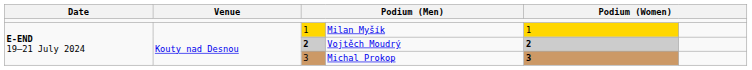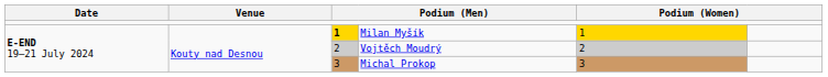 <table class="wikitable" width=70%>
 <tr>
 <th>Date</th>
 <th width=20%>Venue</th>
 <th colspan=2 width=30%>Podium (Men)</th>
 <th colspan=2 width=30%>Podium (Women)</th>
 </tr>
 <tr>
 <td colspan=6></td>
 </tr>
 <tr>
 <td rowspan=3><strong>E-END</strong> <br> 19–21 July 2024</td>
 <td rowspan=3><br><a href='#'>Kouty nad Desnou</a></td>
-<td bgcolor=FFD700>1</td>
+<td bgcolor=FFD700><strong>1</strong></td>
 <td><a href='#'>Milan Myšík</a></td>
 <td bgcolor=FFD700>1</td>
 <td></td>
 </tr>
 <tr>
-<td bgcolor=CCCCCC><strong>2</strong></td>
+<td bgcolor=CCCCCC>2</td>
 <td><a href='#'>Vojtěch Moudrý</a></td>
-<td bgcolor=CCCCCC><strong>2</strong></td>
+<td bgcolor=CCCCCC>2</td>
 <td></td>
 </tr>
 <tr>
 <td bgcolor=CC9966>3</td>
 <td><a href='#'>Michal Prokop</a></td>
-<td bgcolor=CC9966><strong>3</strong></td>
+<td bgcolor=CC9966>3</td>
 <td></td>
 </tr>
 </table>
